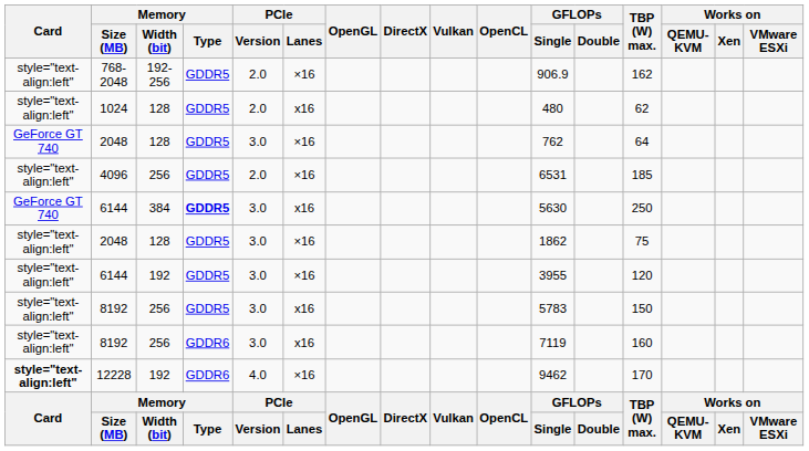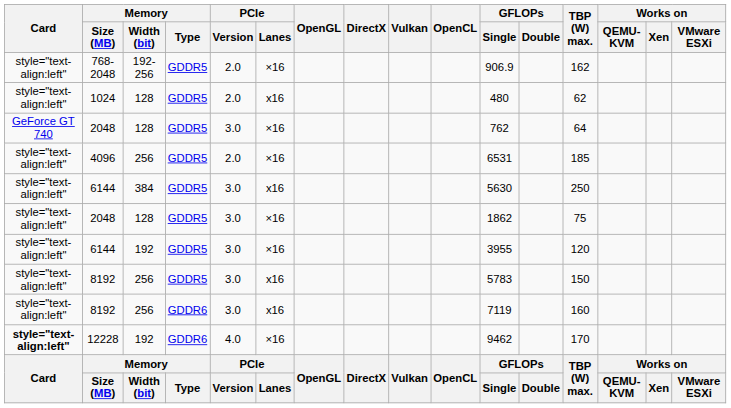 <table class="wikitable mw-collapsible" style="font-size: 85%; text-align: center">
 <tr>
 <th rowspan="2">Card</th>
 <th colspan="3">Memory</th>
 <th colspan="2">PCIe</th>
 <th rowspan="2">OpenGL</th>
 <th rowspan="2">DirectX</th>
 <th rowspan="2">Vulkan</th>
 <th rowspan="2">OpenCL</th>
 <th colspan=2>GFLOPs</th>
 <th rowspan="2">TBP (W)<br> max.</th>
 <th colspan="3" style="text-align:center">Works on</th>
 </tr>
 <tr>
 <th>Size (<a href='#'>MB</a>)</th>
 <th>Width (<a href='#'>bit</a>)</th>
 <th>Type</th>
 <th>Version</th>
 <th>Lanes</th>
 <th>Single</th>
 <th>Double</th>
 <th>QEMU-KVM</th>
 <th>Xen</th>
 <th>VMware ESXi</th>
 </tr>
 <tr>
 <td>style="text-align:left" </td>
 <td>768-2048</td>
 <td>192-256</td>
 <td><a href='#'>GDDR5</a></td>
 <td>2.0</td>
 <td>×16</td>
 <td></td>
 <td></td>
 <td></td>
 <td></td>
 <td>906.9</td>
 <td></td>
 <td>162</td>
 <td></td>
 <td></td>
 <td></td>
 </tr>
 <tr>
 <td>style="text-align:left" </td>
 <td>1024</td>
 <td>128</td>
 <td><a href='#'>GDDR5</a></td>
 <td>2.0</td>
 <td>x16</td>
 <td></td>
 <td></td>
 <td></td>
 <td></td>
 <td>480</td>
 <td></td>
 <td>62</td>
 <td></td>
 <td></td>
 <td></td>
 </tr>
 <tr>
 <td style="text-align:middle"><a href='#'>GeForce GT 740</a></td>
 <td>2048</td>
 <td>128</td>
 <td><a href='#'>GDDR5</a></td>
 <td>3.0</td>
 <td>×16</td>
 <td></td>
 <td></td>
 <td></td>
 <td></td>
 <td>762</td>
 <td></td>
 <td>64</td>
 <td></td>
 <td></td>
 <td></td>
 </tr>
 <tr>
 <td>style="text-align:left" </td>
 <td>4096</td>
 <td>256</td>
 <td><a href='#'>GDDR5</a></td>
 <td>2.0</td>
 <td>×16</td>
 <td></td>
 <td></td>
 <td></td>
 <td></td>
 <td>6531</td>
 <td></td>
 <td>185</td>
 <td></td>
 <td></td>
 <td></td>
 </tr>
 <tr>
-<td style="text-align:middle"><a href='#'>GeForce GT 740</a></td>
+<td>style="text-align:left" </td>
 <td>6144</td>
 <td>384</td>
-<td><strong><a href='#'>GDDR5</a></strong></td>
+<td><a href='#'>GDDR5</a></td>
 <td>3.0</td>
 <td>x16</td>
 <td></td>
 <td></td>
 <td></td>
 <td></td>
 <td>5630</td>
 <td></td>
 <td>250</td>
 <td></td>
 <td></td>
 <td></td>
 </tr>
 <tr>
 <td>style="text-align:left" </td>
 <td>2048</td>
 <td>128</td>
 <td><a href='#'>GDDR5</a></td>
 <td>3.0</td>
 <td>×16</td>
 <td></td>
 <td></td>
 <td></td>
 <td></td>
 <td>1862</td>
 <td></td>
 <td>75</td>
 <td></td>
 <td></td>
 <td></td>
 </tr>
 <tr>
 <td>style="text-align:left" </td>
 <td>6144</td>
 <td>192</td>
 <td><a href='#'>GDDR5</a></td>
 <td>3.0</td>
 <td>×16</td>
 <td></td>
 <td></td>
 <td></td>
 <td></td>
 <td>3955</td>
 <td></td>
 <td>120</td>
 <td></td>
 <td></td>
 <td></td>
 </tr>
 <tr>
 <td>style="text-align:left" </td>
 <td>8192</td>
 <td>256</td>
 <td><a href='#'>GDDR5</a></td>
 <td>3.0</td>
 <td>x16</td>
 <td></td>
 <td></td>
 <td></td>
 <td></td>
 <td>5783</td>
 <td></td>
 <td>150</td>
 <td></td>
 <td></td>
 <td></td>
 </tr>
 <tr>
 <td>style="text-align:left" </td>
 <td>8192</td>
 <td>256</td>
 <td><a href='#'>GDDR6</a></td>
 <td>3.0</td>
 <td>x16</td>
 <td></td>
 <td></td>
 <td></td>
 <td></td>
 <td>7119</td>
 <td></td>
 <td>160</td>
 <td></td>
 <td></td>
 <td></td>
 </tr>
 <tr>
 <td><strong>style="text-align:left" </strong></td>
 <td>12228</td>
 <td>192</td>
 <td><a href='#'>GDDR6</a></td>
 <td>4.0</td>
 <td>×16</td>
 <td></td>
 <td></td>
 <td></td>
 <td></td>
 <td>9462</td>
 <td></td>
 <td>170</td>
 <td></td>
 <td></td>
 <td></td>
 </tr>
 <tr>
 <th rowspan="2">Card</th>
 <th colspan="3">Memory</th>
 <th colspan="2">PCIe</th>
 <th rowspan="2">OpenGL</th>
 <th rowspan="2">DirectX</th>
 <th rowspan="2">Vulkan</th>
 <th rowspan="2">OpenCL</th>
 <th colspan=2>GFLOPs</th>
 <th rowspan="2">TBP (W)<br> max.</th>
 <th colspan="3" style="text-align:center">Works on</th>
 </tr>
 <tr>
 <th>Size (<a href='#'>MB</a>)</th>
 <th>Width (<a href='#'>bit</a>)</th>
 <th>Type</th>
 <th>Version</th>
 <th>Lanes</th>
 <th>Single</th>
 <th>Double</th>
 <th>QEMU-KVM</th>
 <th>Xen</th>
 <th>VMware ESXi</th>
 </tr>
 </table>
